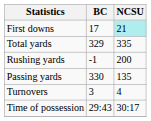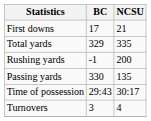 <table class="wikitable">
 <tr>
 <th>Statistics</th>
 <th>BC</th>
 <th>NCSU</th>
 </tr>
 <tr>
 <td>First downs</td>
 <td>17</td>
-<td style="background: paleturquoise;">21</td>
+<td>21</td>
 </tr>
 <tr>
 <td>Total yards</td>
 <td>329</td>
 <td>335</td>
 </tr>
 <tr>
 <td>Rushing yards</td>
 <td>-1</td>
 <td>200</td>
 </tr>
 <tr>
 <td>Passing yards</td>
 <td>330</td>
 <td>135</td>
 </tr>
 <tr>
+<td>Time of possession</td>
+<td>29:43</td>
+<td>30:17</td>
+</tr>
+<tr>
 <td>Turnovers</td>
 <td>3</td>
 <td>4</td>
 </tr>
 <tr>
-<td>Time of possession</td>
-<td>29:43</td>
-<td>30:17</td>
-</tr>
-<tr>
 </tr>
 </table>
